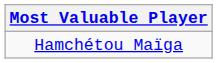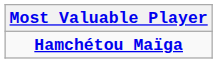 <table class=wikitable style="text-align:center; margin:auto">
 <tr>
 <th><a href='#'>Most Valuable Player</a></th>
 </tr>
 <tr>
-<td> <a href='#'>Hamchétou Maïga</a></td>
+<td><strong> <a href='#'>Hamchétou Maïga</a></strong></td>
 </tr>
 </table>
